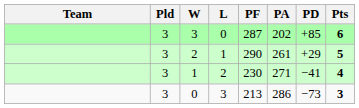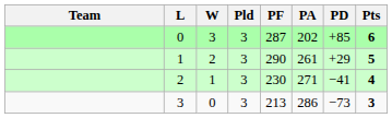 <table class=wikitable style="text-align:center">
 <tr>
 <th width=180>Team</th>
+<th width=30>L</th>
+<th width=30>W</th>
 <th width=30>Pld</th>
-<th width=30>W</th>
-<th width=30>L</th>
 <th width=30>PF</th>
 <th width=30>PA</th>
 <th width=30>PD</th>
 <th width=30>Pts</th>
 </tr>
 <tr bgcolor="#aaffaa">
 <td align=left></td>
+<td>0</td>
 <td>3</td>
 <td>3</td>
-<td>0</td>
 <td>287</td>
 <td>202</td>
 <td>+85</td>
 <td><strong>6</strong></td>
 </tr>
 <tr bgcolor="#ccffcc">
 <td align=left></td>
+<td>1</td>
+<td>2</td>
 <td>3</td>
-<td>2</td>
-<td>1</td>
 <td>290</td>
 <td>261</td>
 <td>+29</td>
 <td><strong>5</strong></td>
 </tr>
 <tr bgcolor="#ccffcc">
 <td align=left></td>
+<td>2</td>
+<td>1</td>
 <td>3</td>
-<td>1</td>
-<td>2</td>
 <td>230</td>
 <td>271</td>
 <td>−41</td>
 <td><strong>4</strong></td>
 </tr>
 <tr>
 <td align=left></td>
 <td>3</td>
 <td>0</td>
 <td>3</td>
 <td>213</td>
 <td>286</td>
 <td>−73</td>
 <td><strong>3</strong></td>
 </tr>
 </table>
